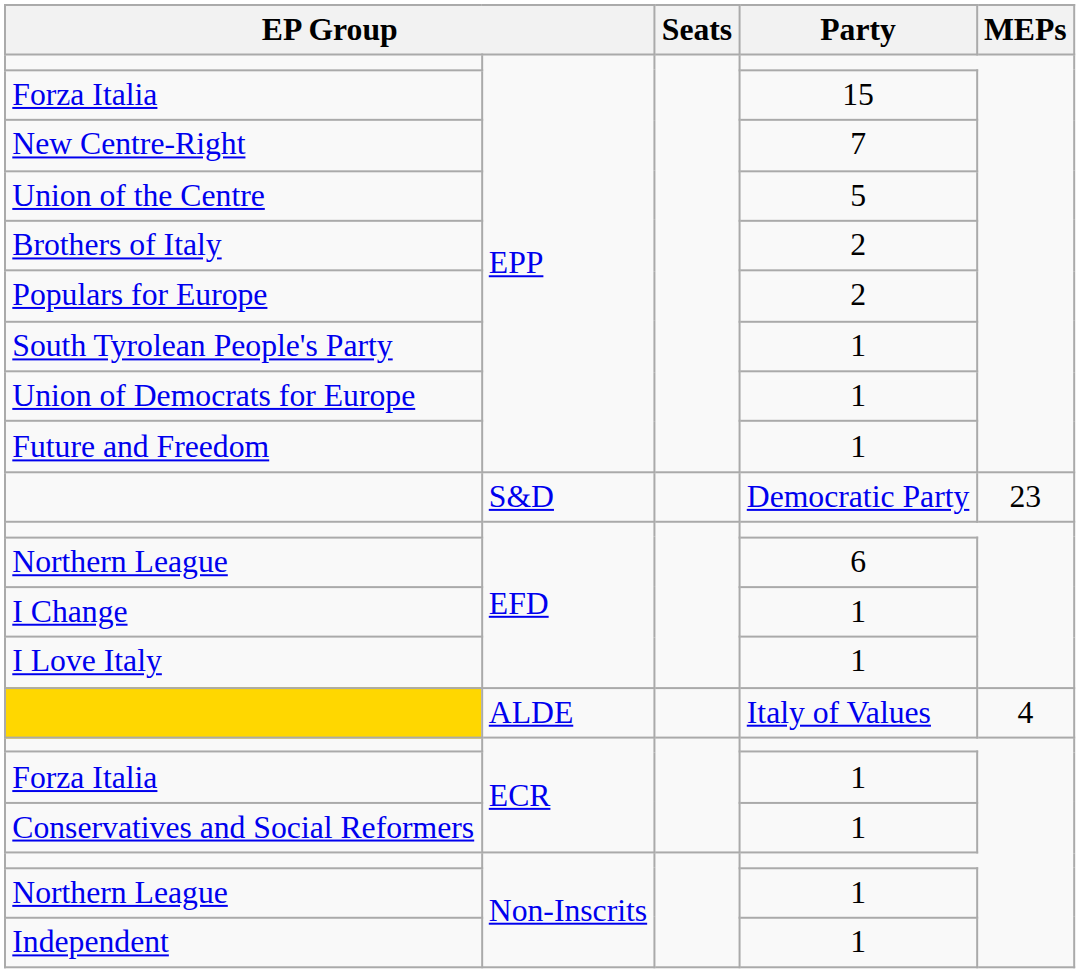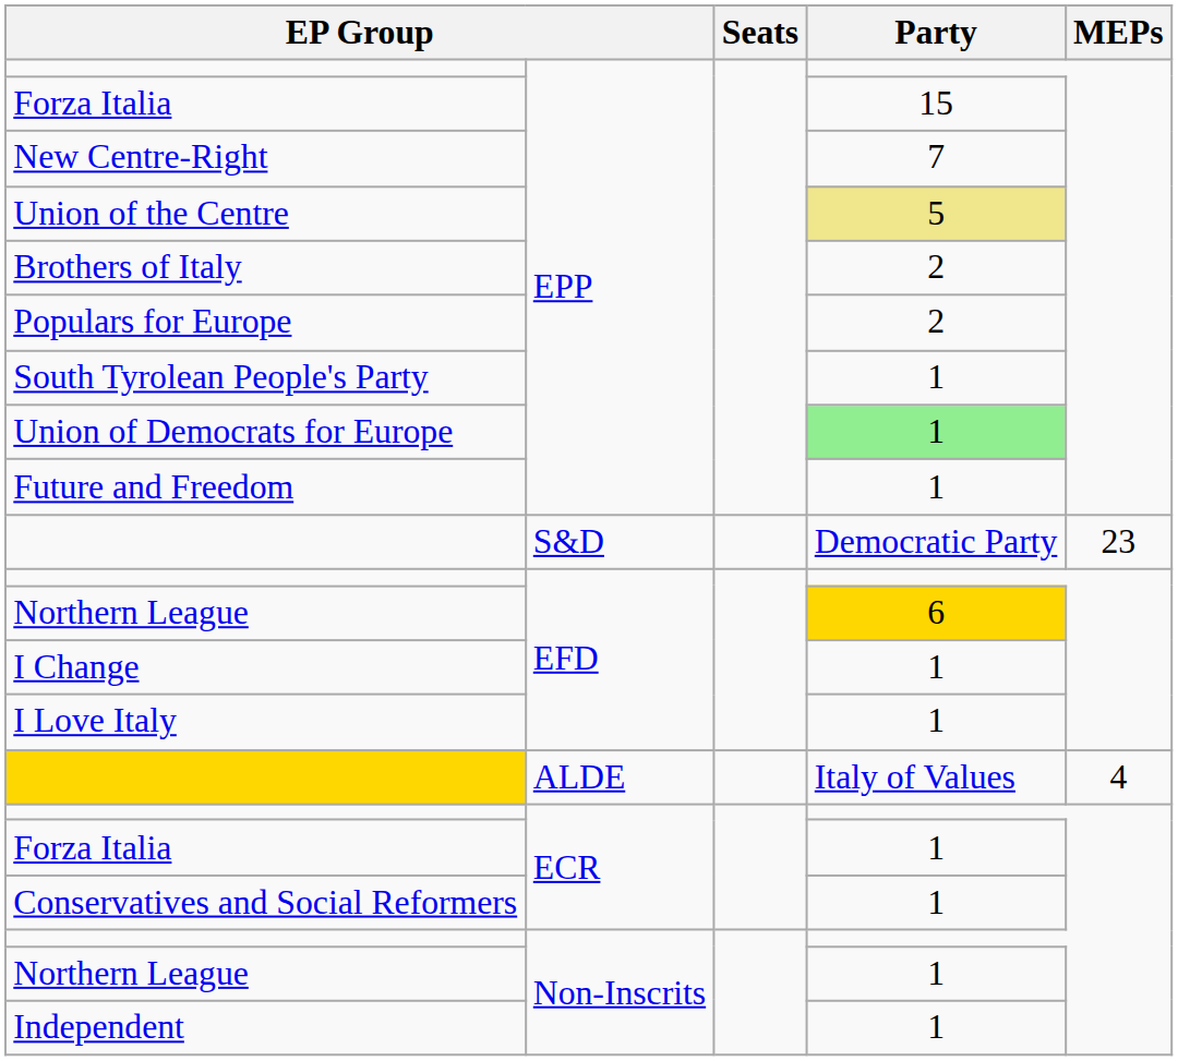 <table class="wikitable">
 <tr>
 <th colspan=2>EP Group</th>
 <th>Seats</th>
 <th>Party</th>
 <th>MEPs</th>
 </tr>
 <tr>
 <td></td>
 <td rowspan="9"><a href='#'>EPP</a></td>
 <td rowspan="9"></td>
 </tr>
 <tr>
 <td><a href='#'>Forza Italia</a></td>
 <td align=center>15</td>
 </tr>
 <tr>
 <td><a href='#'>New Centre-Right</a></td>
 <td align=center>7</td>
 </tr>
 <tr>
 <td><a href='#'>Union of the Centre</a></td>
-<td align=center>5</td>
+<td align=center style="background: khaki;">5</td>
 </tr>
 <tr>
 <td><a href='#'>Brothers of Italy</a></td>
 <td align=center>2</td>
 </tr>
 <tr>
 <td><a href='#'>Populars for Europe</a></td>
 <td align=center>2</td>
 </tr>
 <tr>
 <td><a href='#'>South Tyrolean People's Party</a></td>
 <td align=center>1</td>
 </tr>
 <tr>
 <td><a href='#'>Union of Democrats for Europe</a></td>
-<td align=center>1</td>
+<td align=center style="background: lightgreen;">1</td>
 </tr>
 <tr>
 <td><a href='#'>Future and Freedom</a></td>
 <td align=center>1</td>
 </tr>
 <tr>
 <td></td>
 <td><a href='#'>S&D</a></td>
 <td></td>
 <td><a href='#'>Democratic Party</a></td>
 <td align=center>23</td>
 </tr>
 <tr>
 <td></td>
 <td rowspan="4"><a href='#'>EFD</a></td>
 <td rowspan="4"></td>
 </tr>
 <tr>
 <td><a href='#'>Northern League</a></td>
-<td align=center>6</td>
+<td align=center style="background: gold;">6</td>
 </tr>
 <tr>
 <td><a href='#'>I Change</a></td>
 <td align=center>1</td>
 </tr>
 <tr>
 <td><a href='#'>I Love Italy</a></td>
 <td align=center>1</td>
 </tr>
 <tr>
 <td bgcolor="gold"></td>
 <td><a href='#'>ALDE</a></td>
 <td></td>
 <td><a href='#'>Italy of Values</a></td>
 <td align=center>4</td>
 </tr>
 <tr>
 <td></td>
 <td rowspan="3"><a href='#'>ECR</a></td>
 <td rowspan="3"></td>
 </tr>
 <tr>
 <td><a href='#'>Forza Italia</a></td>
 <td align=center>1</td>
 </tr>
 <tr>
 <td><a href='#'>Conservatives and Social Reformers</a></td>
 <td align=center>1</td>
 </tr>
 <tr>
 <td></td>
 <td rowspan="3"><a href='#'>Non-Inscrits</a></td>
 <td rowspan="3"></td>
 </tr>
 <tr>
 <td><a href='#'>Northern League</a></td>
 <td align=center>1</td>
 </tr>
 <tr>
 <td><a href='#'>Independent</a></td>
 <td align=center>1</td>
 </tr>
 </table>
